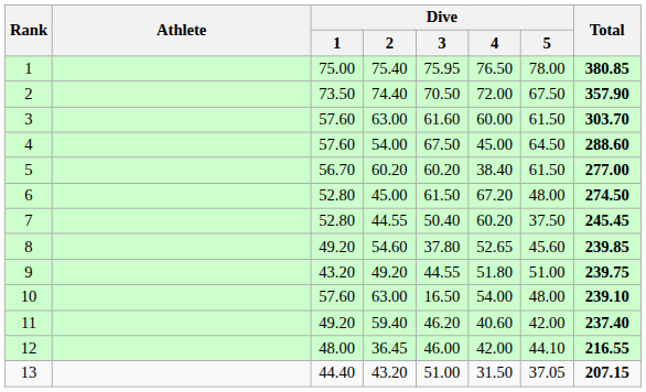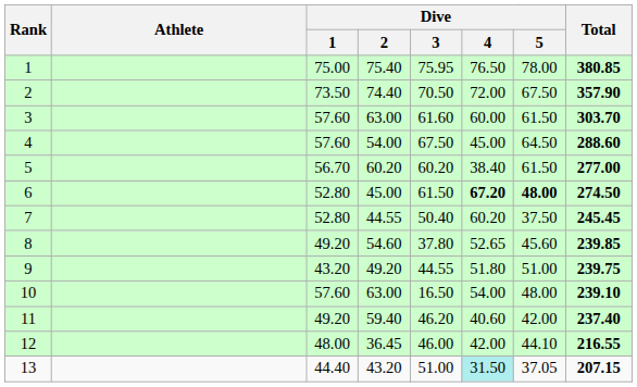 <table class=wikitable style="text-align:center">
 <tr>
 <th rowspan="2" width=40>Rank</th>
 <th rowspan="2" width=250>Athlete</th>
 <th colspan="5">Dive</th>
 <th rowspan="2" width=60>Total</th>
 </tr>
 <tr>
 <th width=45>1</th>
 <th width=45>2</th>
 <th width=45>3</th>
 <th width=45>4</th>
 <th width=45>5</th>
 </tr>
 <tr bgcolor="ccffcc">
 <td>1</td>
 <td align=left></td>
 <td>75.00</td>
 <td>75.40</td>
 <td>75.95</td>
 <td>76.50</td>
 <td>78.00</td>
 <td><strong>380.85</strong></td>
 </tr>
 <tr bgcolor="ccffcc">
 <td>2</td>
 <td align=left></td>
 <td>73.50</td>
 <td>74.40</td>
 <td>70.50</td>
 <td>72.00</td>
 <td>67.50</td>
 <td><strong>357.90</strong></td>
 </tr>
 <tr bgcolor="ccffcc">
 <td>3</td>
 <td align=left></td>
 <td>57.60</td>
 <td>63.00</td>
 <td>61.60</td>
 <td>60.00</td>
 <td>61.50</td>
 <td><strong>303.70</strong></td>
 </tr>
 <tr bgcolor="ccffcc">
 <td>4</td>
 <td align=left></td>
 <td>57.60</td>
 <td>54.00</td>
 <td>67.50</td>
 <td>45.00</td>
 <td>64.50</td>
 <td><strong>288.60</strong></td>
 </tr>
 <tr bgcolor="ccffcc">
 <td>5</td>
 <td align=left></td>
 <td>56.70</td>
 <td>60.20</td>
 <td>60.20</td>
 <td>38.40</td>
 <td>61.50</td>
 <td><strong>277.00</strong></td>
 </tr>
 <tr bgcolor="ccffcc">
 <td>6</td>
 <td align=left></td>
 <td>52.80</td>
 <td>45.00</td>
 <td>61.50</td>
-<td>67.20</td>
-<td>48.00</td>
+<td><strong>67.20</strong></td>
+<td><strong>48.00</strong></td>
 <td><strong>274.50</strong></td>
 </tr>
 <tr bgcolor="ccffcc">
 <td>7</td>
 <td align=left></td>
 <td>52.80</td>
 <td>44.55</td>
 <td>50.40</td>
 <td>60.20</td>
 <td>37.50</td>
 <td><strong>245.45</strong></td>
 </tr>
 <tr bgcolor="ccffcc">
 <td>8</td>
 <td align=left></td>
 <td>49.20</td>
 <td>54.60</td>
 <td>37.80</td>
 <td>52.65</td>
 <td>45.60</td>
 <td><strong>239.85</strong></td>
 </tr>
 <tr bgcolor="ccffcc">
 <td>9</td>
 <td align=left></td>
 <td>43.20</td>
 <td>49.20</td>
 <td>44.55</td>
 <td>51.80</td>
 <td>51.00</td>
 <td><strong>239.75</strong></td>
 </tr>
 <tr bgcolor="ccffcc">
 <td>10</td>
 <td align=left></td>
 <td>57.60</td>
 <td>63.00</td>
 <td>16.50</td>
 <td>54.00</td>
 <td>48.00</td>
 <td><strong>239.10</strong></td>
 </tr>
 <tr bgcolor="ccffcc">
 <td>11</td>
 <td align=left></td>
 <td>49.20</td>
 <td>59.40</td>
 <td>46.20</td>
 <td>40.60</td>
 <td>42.00</td>
 <td><strong>237.40</strong></td>
 </tr>
 <tr bgcolor="ccffcc">
 <td>12</td>
 <td align=left></td>
 <td>48.00</td>
 <td>36.45</td>
 <td>46.00</td>
 <td>42.00</td>
 <td>44.10</td>
 <td><strong>216.55</strong></td>
 </tr>
 <tr>
 <td>13</td>
 <td align=left></td>
 <td>44.40</td>
 <td>43.20</td>
 <td>51.00</td>
-<td>31.50</td>
+<td style="background: paleturquoise;">31.50</td>
 <td>37.05</td>
 <td><strong>207.15</strong></td>
 </tr>
 </table>
